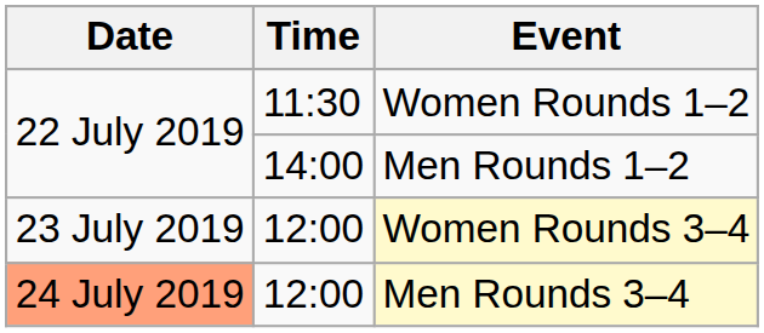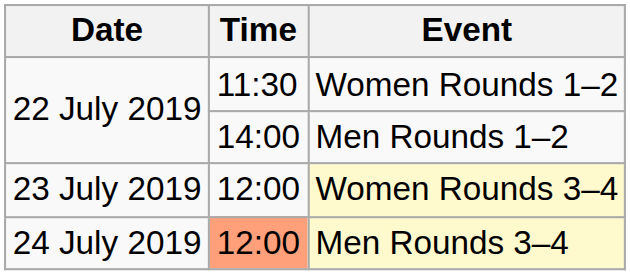 <table class="wikitable">
 <tr>
 <th>Date</th>
 <th>Time</th>
 <th>Event</th>
 </tr>
 <tr>
 <td rowspan=2>22 July 2019</td>
 <td>11:30</td>
 <td>Women Rounds 1–2</td>
 </tr>
 <tr>
 <td>14:00</td>
 <td>Men Rounds 1–2</td>
 </tr>
 <tr>
 <td>23 July 2019</td>
 <td>12:00</td>
 <td style=background:lemonchiffon>Women Rounds 3–4</td>
 </tr>
 <tr>
-<td style="background: lightsalmon;">24 July 2019</td>
-<td>12:00</td>
+<td>24 July 2019</td>
+<td style="background: lightsalmon;">12:00</td>
 <td style=background:lemonchiffon>Men Rounds 3–4</td>
 </tr>
 </table>
